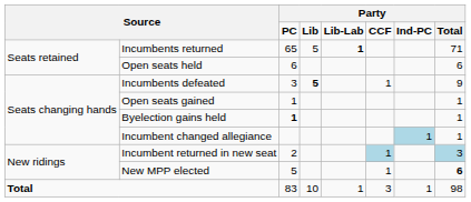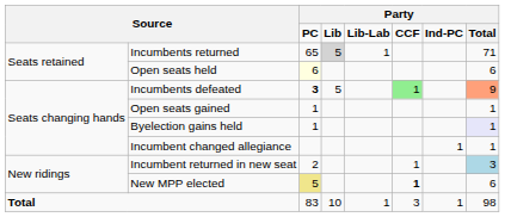 <table class="wikitable" style="text-align:right;">
 <tr>
 <th colspan="2" rowspan="2">Source</th>
 <th colspan="6">Party</th>
 </tr>
 <tr>
 <td><strong>PC</strong></td>
 <td><strong>Lib</strong></td>
 <td><strong>Lib-Lab</strong></td>
 <td><strong>CCF</strong></td>
 <td><strong>Ind-PC</strong></td>
 <th>Total</th>
 </tr>
 <tr>
 <td rowspan="2" style="text-align:left;">Seats retained</td>
 <td style="text-align:left;">Incumbents returned</td>
 <td>65</td>
-<td>5</td>
-<td><strong>1</strong></td>
+<td style="background: lightgrey;">5</td>
+<td>1</td>
 <td></td>
 <td></td>
 <td>71</td>
 </tr>
 <tr>
 <td style="text-align:left;">Open seats held</td>
-<td>6</td>
+<td style="background: lightyellow;">6</td>
 <td></td>
 <td></td>
 <td></td>
 <td></td>
 <td>6</td>
 </tr>
 <tr>
 <td rowspan="4" style="text-align:left;">Seats changing hands</td>
 <td style="text-align:left;">Incumbents defeated</td>
-<td>3</td>
-<td><strong>5</strong></td>
+<td><strong>3</strong></td>
+<td>5</td>
 <td></td>
-<td>1</td>
+<td style="background: lightgreen;">1</td>
 <td></td>
-<td>9</td>
+<td style="background: lightsalmon;">9</td>
 </tr>
 <tr>
 <td style="text-align:left;">Open seats gained</td>
 <td>1</td>
 <td></td>
 <td></td>
 <td></td>
 <td></td>
 <td>1</td>
 </tr>
 <tr>
 <td style="text-align:left;">Byelection gains held</td>
-<td><strong>1</strong></td>
+<td>1</td>
 <td></td>
 <td></td>
 <td></td>
 <td></td>
-<td>1</td>
+<td style="background: lavender;">1</td>
 </tr>
 <tr>
 <td style="text-align:left;">Incumbent changed allegiance</td>
 <td></td>
 <td></td>
 <td></td>
 <td></td>
-<td style="background: lightblue;">1</td>
+<td>1</td>
 <td>1</td>
 </tr>
 <tr>
 <td rowspan="2" style="text-align:left;">New ridings</td>
 <td style="text-align:left;">Incumbent returned in new seat</td>
 <td>2</td>
 <td></td>
 <td></td>
-<td style="background: lightblue;">1</td>
+<td>1</td>
 <td></td>
 <td style="background: lightblue;">3</td>
 </tr>
 <tr>
 <td style="text-align:left;">New MPP elected</td>
-<td>5</td>
+<td style="background: khaki;">5</td>
 <td></td>
 <td></td>
-<td>1</td>
+<td><strong>1</strong></td>
 <td></td>
-<td><strong>6</strong></td>
+<td>6</td>
 </tr>
 <tr>
 <td colspan="2" style="text-align:left;"><strong>Total</strong></td>
 <td>83</td>
 <td>10</td>
 <td>1</td>
 <td>3</td>
 <td>1</td>
 <td>98</td>
 </tr>
 </table>
